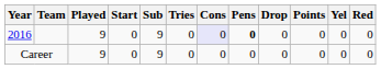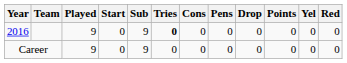 <table class="wikitable sortable" style="font-size: 95%; text-align: right;">
 <tr>
 <th>Year</th>
 <th>Team</th>
 <th>Played</th>
 <th>Start</th>
 <th>Sub</th>
 <th>Tries</th>
 <th>Cons</th>
 <th>Pens</th>
 <th>Drop</th>
 <th>Points</th>
 <th>Yel</th>
 <th>Red</th>
 </tr>
 <tr>
 <td align="left"><a href='#'>2016</a></td>
 <td align="left"></td>
 <td>9</td>
 <td>0</td>
 <td>9</td>
+<td><strong>0</strong></td>
 <td>0</td>
-<td style="background: lavender;">0</td>
-<td><strong>0</strong></td>
+<td>0</td>
 <td>0</td>
 <td>0</td>
 <td>0</td>
 <td>0</td>
 </tr>
 <tr class="sortbottom">
 <td style="text-align:center;" colspan="2">Career</td>
 <td>9</td>
 <td>0</td>
 <td>9</td>
 <td>0</td>
 <td>0</td>
 <td>0</td>
 <td>0</td>
 <td>0</td>
 <td>0</td>
 <td>0</td>
 </tr>
 </table>
